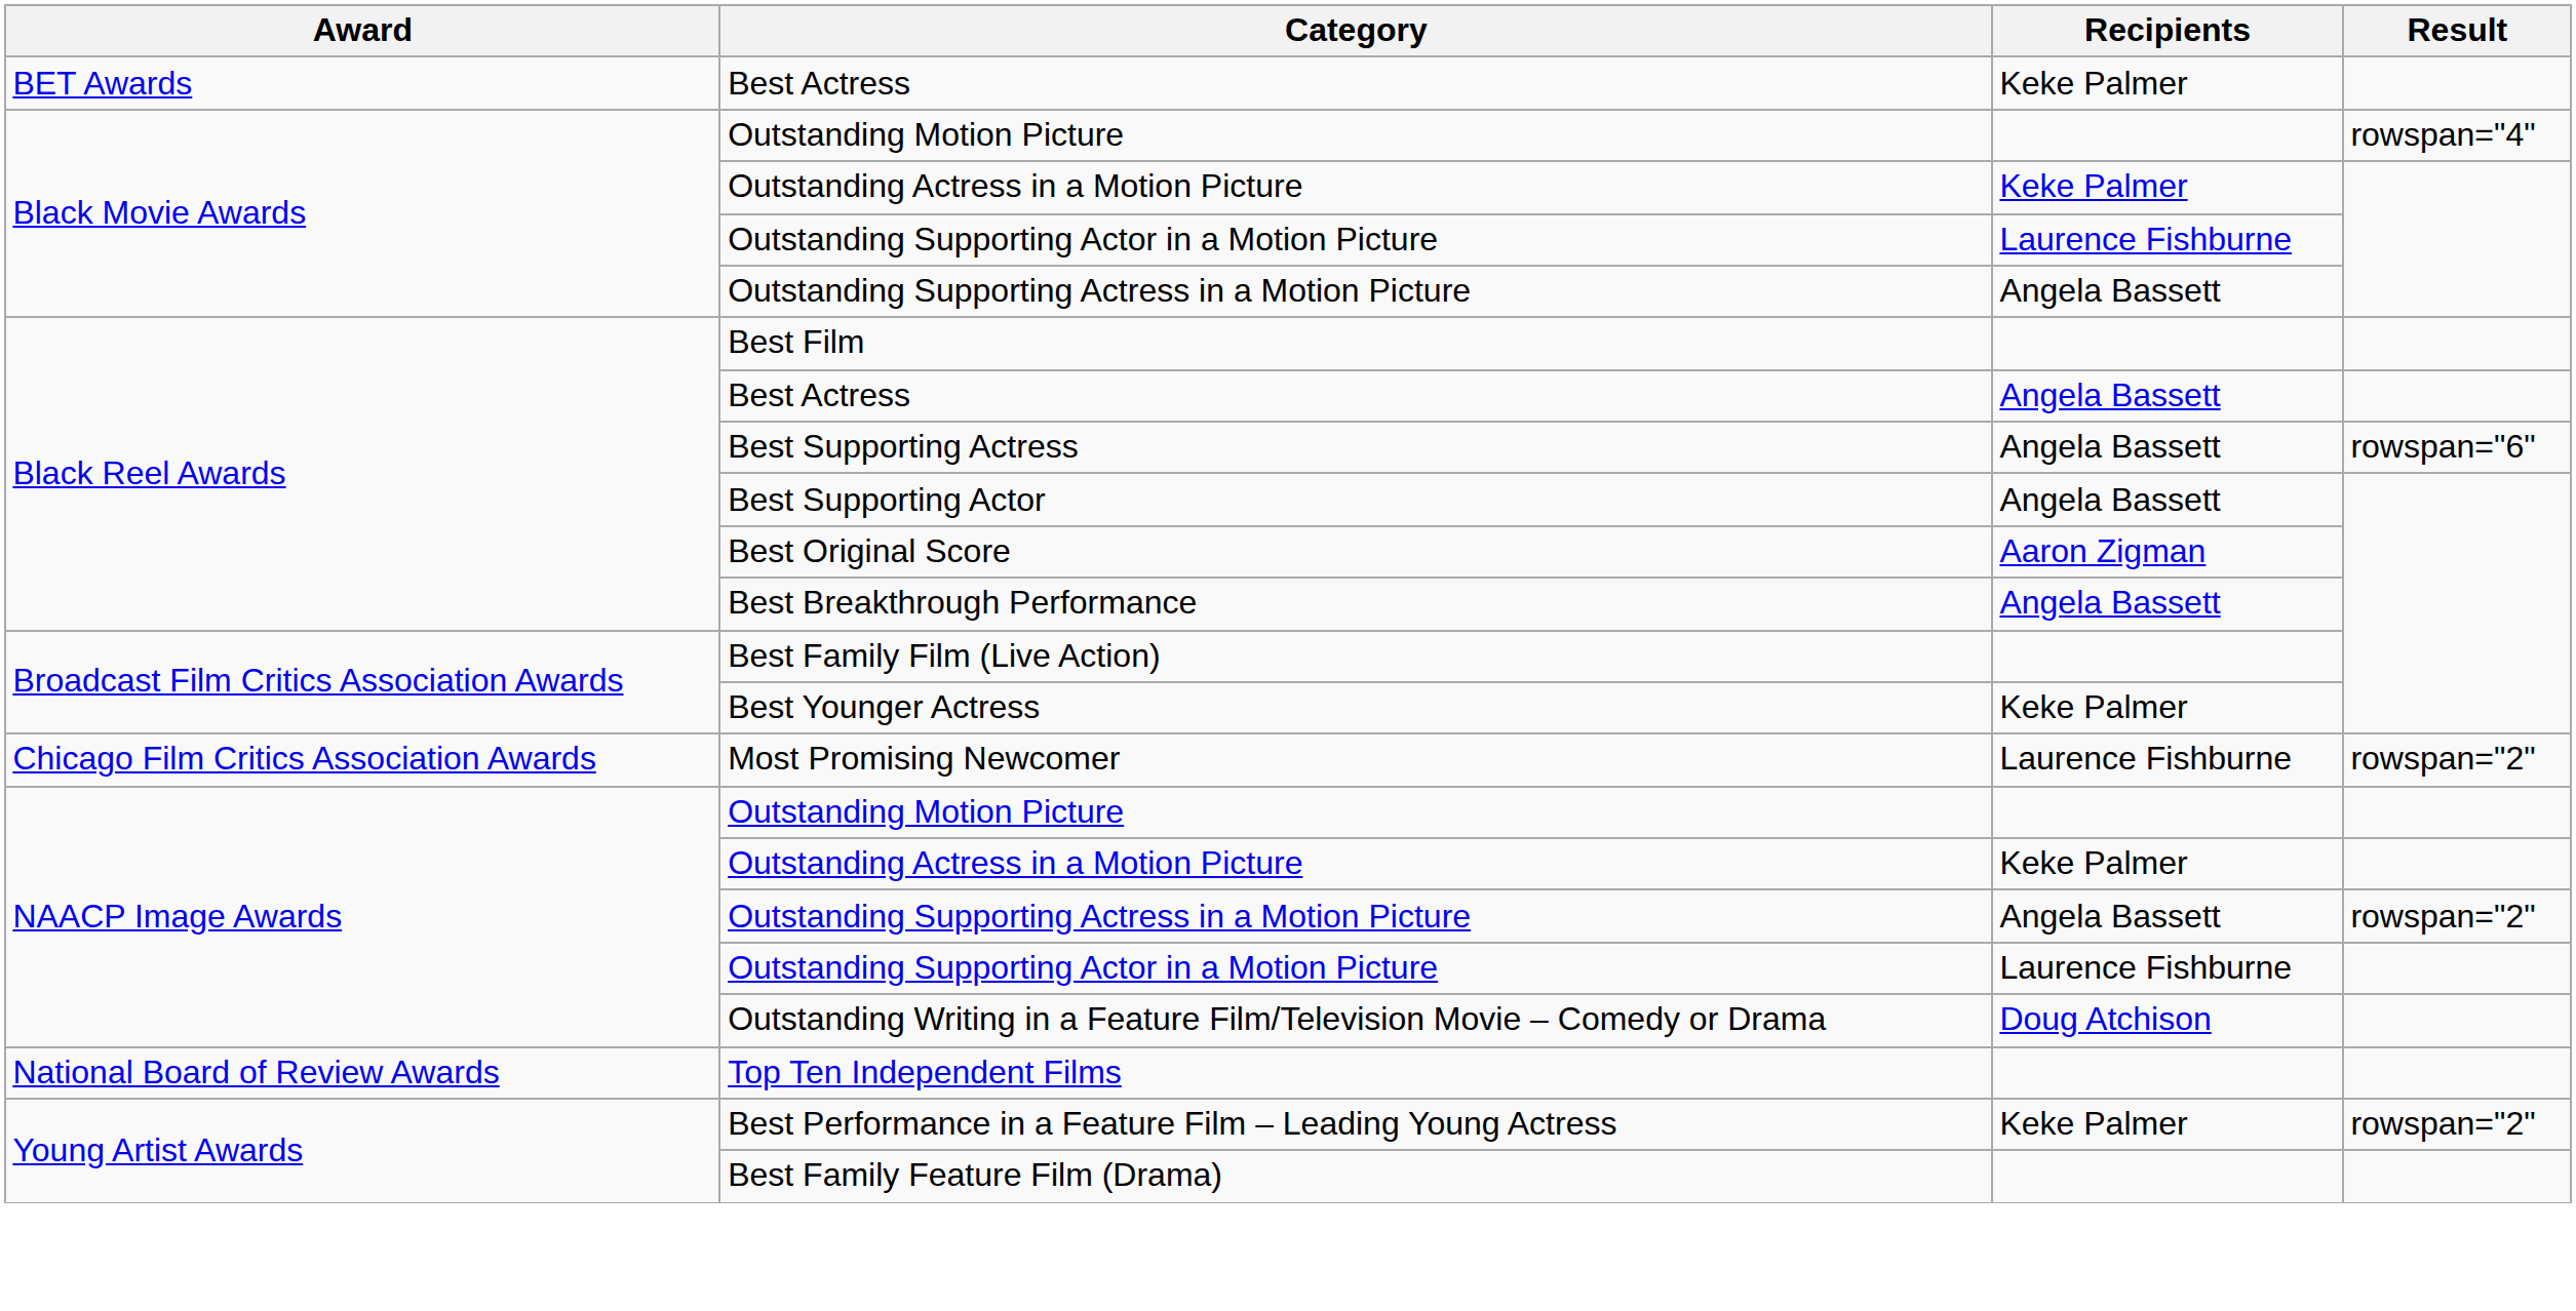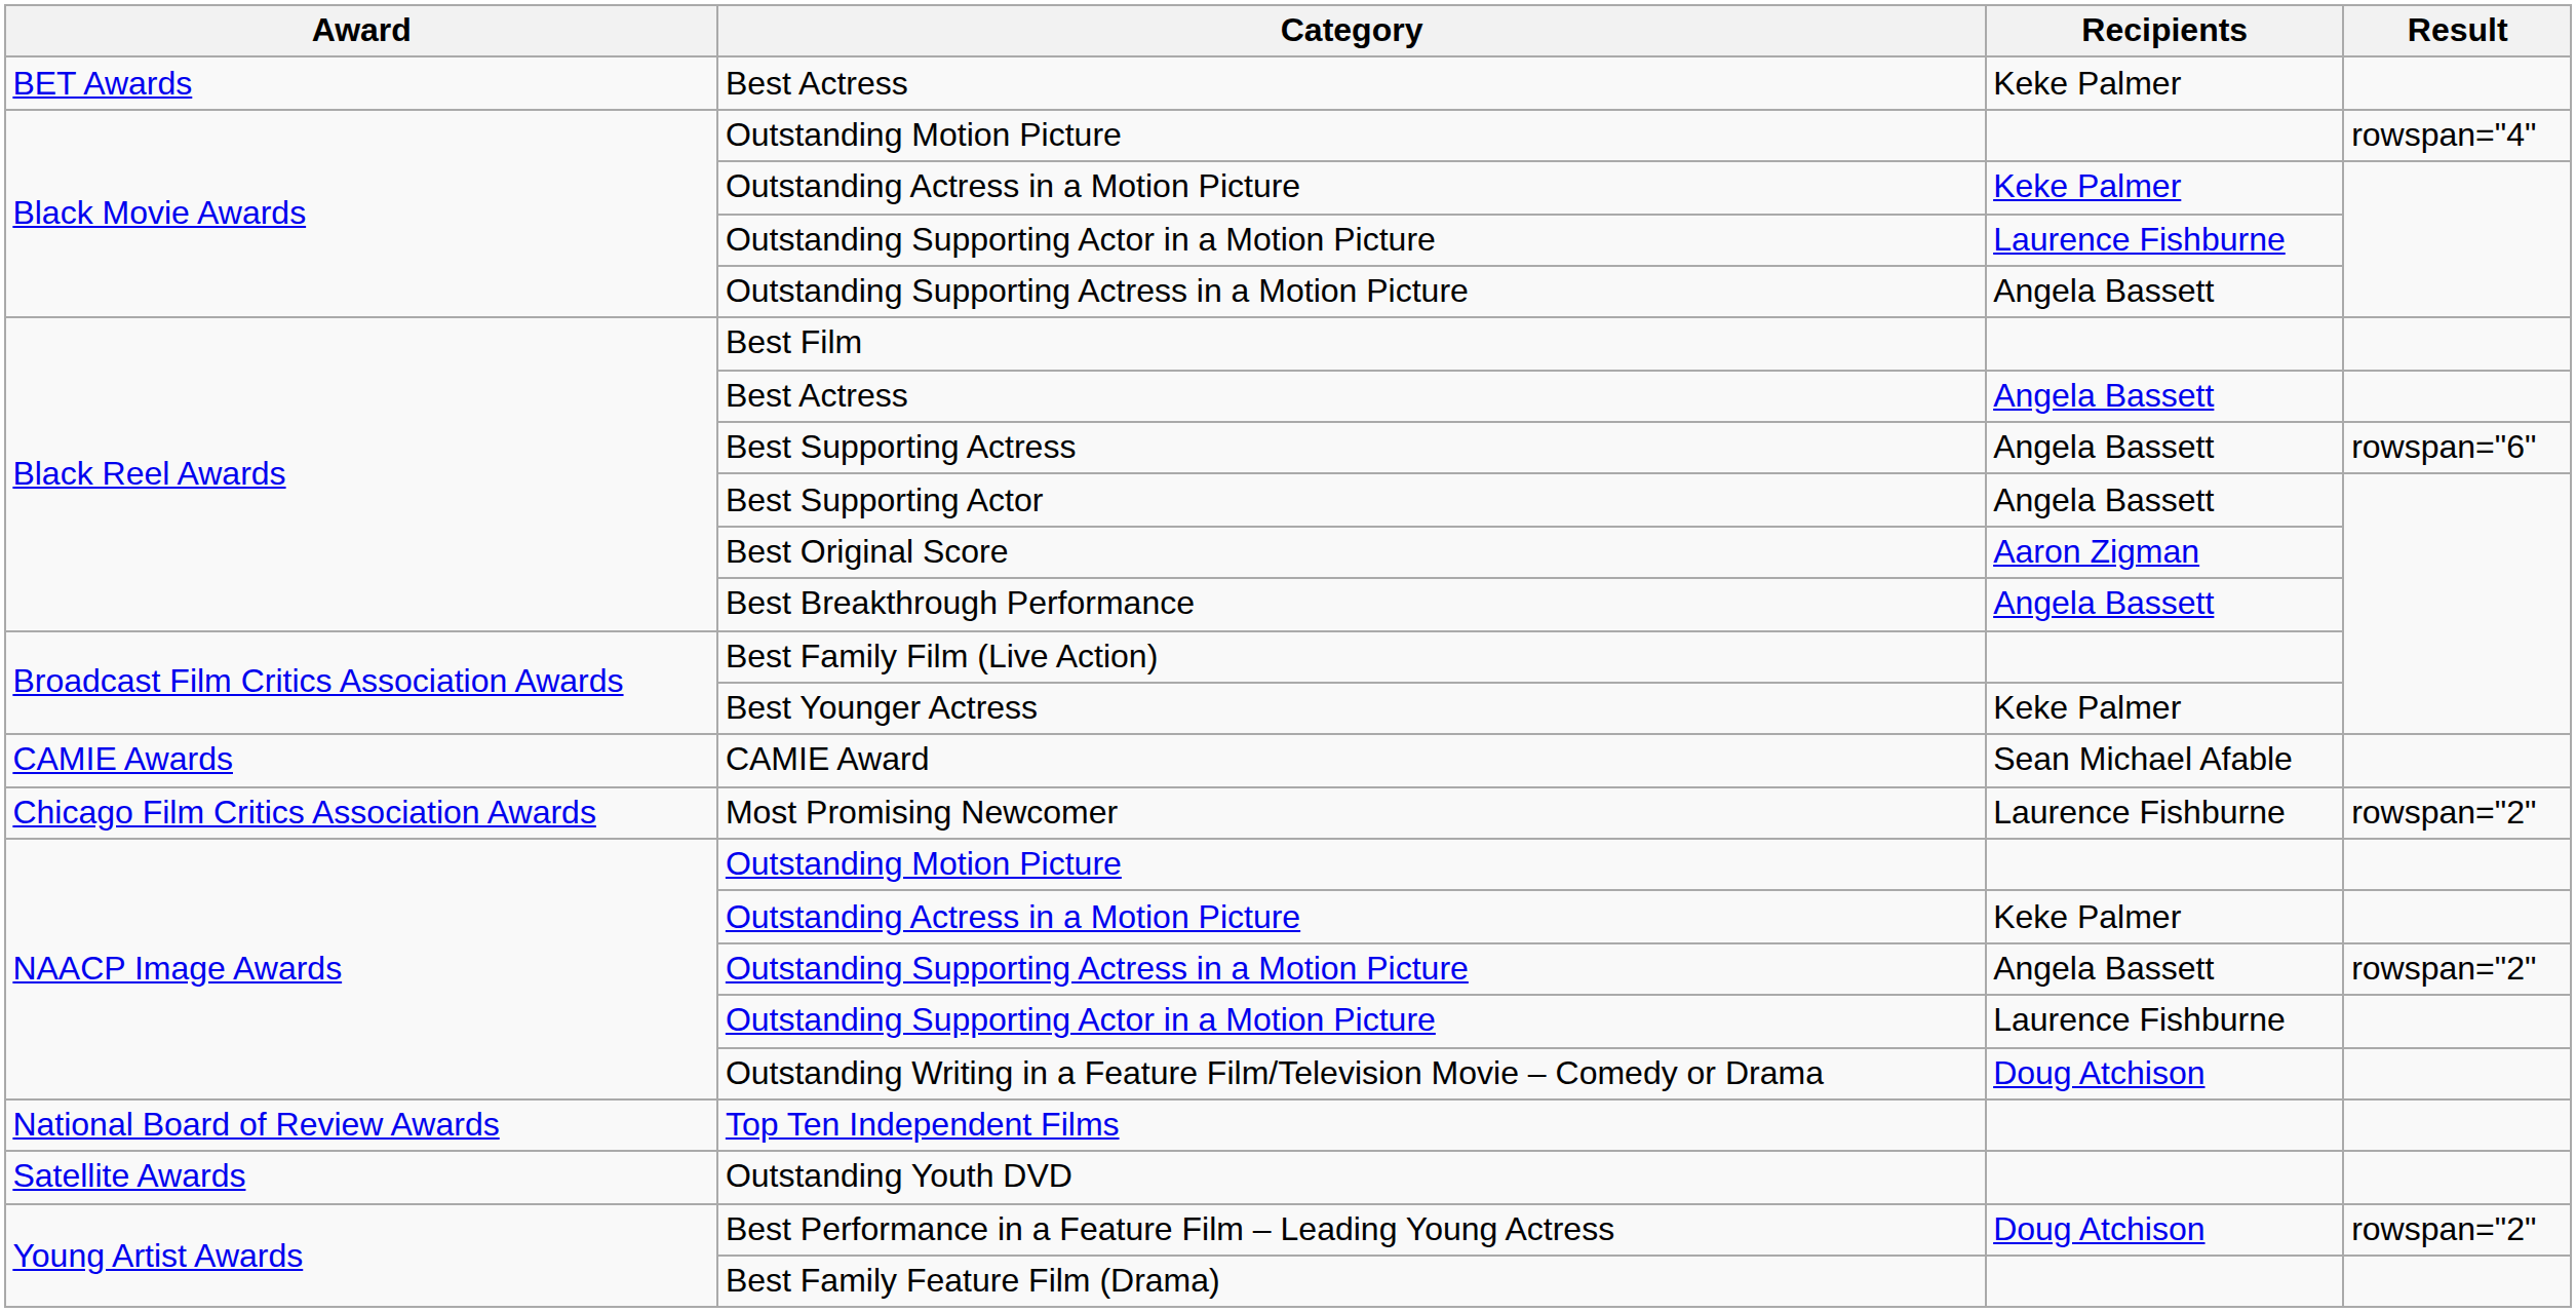 <table class="wikitable sortable" style="width:99%;">
 <tr>
 <th style= width="28%">Award</th>
 <th style= width="38%">Category</th>
 <th style= width="24%">Recipients</th>
 <th style= width="10%">Result</th>
 </tr>
 <tr>
 <td><a href='#'>BET Awards</a></td>
 <td>Best Actress</td>
 <td>Keke Palmer</td>
 <td></td>
 </tr>
 <tr>
 <td rowspan="4"><a href='#'>Black Movie Awards</a></td>
 <td>Outstanding Motion Picture</td>
 <td></td>
 <td>rowspan="4" </td>
 </tr>
 <tr>
 <td>Outstanding Actress in a Motion Picture</td>
 <td><a href='#'>Keke Palmer</a></td>
 </tr>
 <tr>
 <td>Outstanding Supporting Actor in a Motion Picture</td>
 <td><a href='#'>Laurence Fishburne</a></td>
 </tr>
 <tr>
 <td>Outstanding Supporting Actress in a Motion Picture</td>
 <td>Angela Bassett</td>
 </tr>
 <tr>
 <td rowspan="6"><a href='#'>Black Reel Awards</a></td>
 <td>Best Film</td>
 <td></td>
 <td></td>
 </tr>
 <tr>
 <td>Best Actress</td>
 <td><a href='#'>Angela Bassett</a></td>
 <td></td>
 </tr>
 <tr>
 <td>Best Supporting Actress</td>
 <td>Angela Bassett</td>
 <td>rowspan="6" </td>
 </tr>
 <tr>
 <td>Best Supporting Actor</td>
 <td>Angela Bassett</td>
 </tr>
 <tr>
 <td>Best Original Score</td>
 <td><a href='#'>Aaron Zigman</a></td>
 </tr>
 <tr>
 <td>Best Breakthrough Performance</td>
 <td><a href='#'>Angela Bassett</a></td>
 </tr>
 <tr>
 <td rowspan="2"><a href='#'>Broadcast Film Critics Association Awards</a></td>
 <td>Best Family Film (Live Action)</td>
 <td></td>
 </tr>
 <tr>
 <td>Best Younger Actress</td>
 <td>Keke Palmer</td>
 </tr>
 <tr>
+<td><a href='#'>CAMIE Awards</a></td>
+<td>CAMIE Award</td>
+<td>Sean Michael Afable</td>
+<td></td>
+</tr>
+<tr>
 <td><a href='#'>Chicago Film Critics Association Awards</a></td>
 <td>Most Promising Newcomer</td>
 <td>Laurence Fishburne</td>
 <td>rowspan="2" </td>
 </tr>
 <tr>
 <td rowspan="5"><a href='#'>NAACP Image Awards</a></td>
 <td><a href='#'>Outstanding Motion Picture</a></td>
 <td></td>
 </tr>
 <tr>
 <td><a href='#'>Outstanding Actress in a Motion Picture</a></td>
 <td>Keke Palmer</td>
 <td></td>
 </tr>
 <tr>
 <td><a href='#'>Outstanding Supporting Actress in a Motion Picture</a></td>
 <td>Angela Bassett</td>
 <td>rowspan="2" </td>
 </tr>
 <tr>
 <td><a href='#'>Outstanding Supporting Actor in a Motion Picture</a></td>
 <td>Laurence Fishburne</td>
 </tr>
 <tr>
 <td>Outstanding Writing in a Feature Film/Television Movie – Comedy or Drama</td>
 <td><a href='#'>Doug Atchison</a></td>
 <td></td>
 </tr>
 <tr>
 <td><a href='#'>National Board of Review Awards</a></td>
 <td><a href='#'>Top Ten Independent Films</a></td>
 <td></td>
 <td></td>
 </tr>
 <tr>
+<td><a href='#'>Satellite Awards</a></td>
+<td>Outstanding Youth DVD</td>
+<td></td>
+<td></td>
+</tr>
+<tr>
 <td rowspan="2"><a href='#'>Young Artist Awards</a></td>
 <td>Best Performance in a Feature Film – Leading Young Actress</td>
-<td>Keke Palmer</td>
+<td><a href='#'>Doug Atchison</a></td>
 <td>rowspan="2" </td>
 </tr>
 <tr>
 <td>Best Family Feature Film (Drama)</td>
 <td></td>
 </tr>
 </table>
